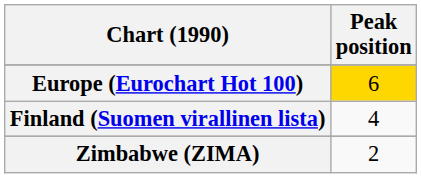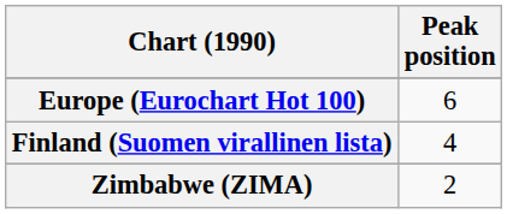 <table class="wikitable sortable plainrowheaders" style="text-align:center">
 <tr>
 <th>Chart (1990)</th>
 <th>Peak<br>position</th>
 </tr>
 <tr>
 </tr>
 <tr>
 </tr>
 <tr>
 </tr>
 <tr>
 </tr>
 <tr>
 </tr>
 <tr>
 <th scope="row">Europe (<a href='#'>Eurochart Hot 100</a>)</th>
-<td style="background: gold;">6</td>
+<td>6</td>
 </tr>
 <tr>
 <th scope="row">Finland (<a href='#'>Suomen virallinen lista</a>)</th>
 <td>4</td>
 </tr>
 <tr>
 </tr>
 <tr>
 </tr>
 <tr>
 </tr>
 <tr>
 </tr>
 <tr>
 </tr>
 <tr>
 </tr>
 <tr>
 </tr>
 <tr>
 </tr>
 <tr>
 </tr>
 <tr>
 </tr>
 <tr>
 </tr>
 <tr>
 </tr>
 <tr>
 <th scope="row">Zimbabwe (ZIMA)</th>
 <td>2</td>
 </tr>
 </table>
